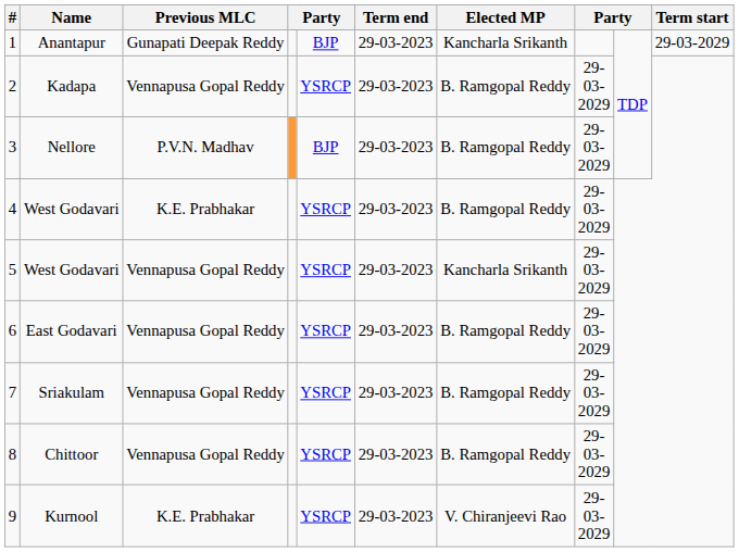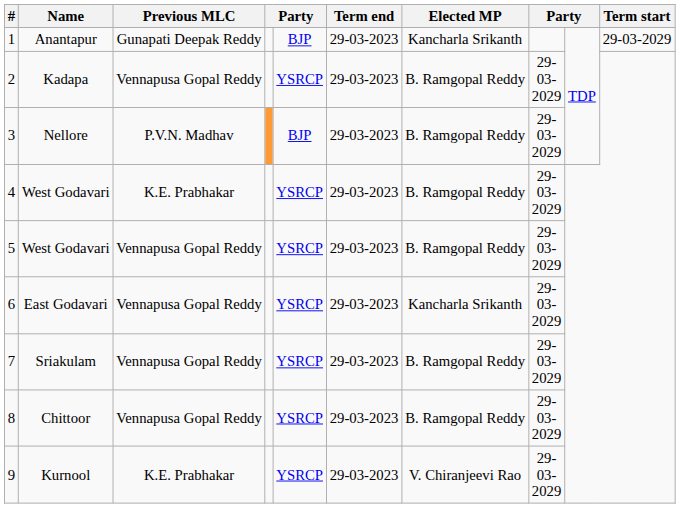 <table class="wikitable" style="text-align:center;">
 <tr>
 <th>#</th>
 <th>Name</th>
 <th>Previous MLC</th>
 <th colspan="2">Party</th>
 <th>Term end</th>
 <th>Elected MP</th>
 <th colspan="2">Party</th>
 <th>Term start</th>
 </tr>
 <tr>
 <td>1</td>
 <td>Anantapur</td>
 <td>Gunapati Deepak Reddy</td>
 <td width="1px"></td>
 <td><a href='#'>BJP</a></td>
 <td>29-03-2023</td>
 <td>Kancharla Srikanth</td>
 <td width="1px"></td>
 <td rowspan=3><a href='#'>TDP</a></td>
 <td>29-03-2029</td>
 </tr>
 <tr>
 <td>2</td>
 <td>Kadapa</td>
 <td>Vennapusa Gopal Reddy</td>
 <td width="1px"></td>
 <td><a href='#'>YSRCP</a></td>
 <td>29-03-2023</td>
 <td>B. Ramgopal Reddy</td>
 <td>29-03-2029</td>
 </tr>
 <tr>
 <td>3</td>
 <td>Nellore</td>
 <td>P.V.N. Madhav</td>
 <td bgcolor=#FF9933></td>
 <td><a href='#'>BJP</a></td>
 <td>29-03-2023</td>
 <td>B. Ramgopal Reddy</td>
 <td>29-03-2029</td>
 </tr>
 <tr>
 <td>4</td>
 <td>West Godavari</td>
 <td>K.E. Prabhakar</td>
 <td width="1px"></td>
 <td><a href='#'>YSRCP</a></td>
 <td>29-03-2023</td>
 <td>B. Ramgopal Reddy</td>
 <td>29-03-2029</td>
 </tr>
 <tr>
 <td>5</td>
 <td>West Godavari</td>
 <td>Vennapusa Gopal Reddy</td>
 <td width="1px"></td>
 <td><a href='#'>YSRCP</a></td>
 <td>29-03-2023</td>
-<td>Kancharla Srikanth</td>
+<td>B. Ramgopal Reddy</td>
 <td>29-03-2029</td>
 </tr>
 <tr>
 <td>6</td>
 <td>East Godavari</td>
 <td>Vennapusa Gopal Reddy</td>
 <td width="1px"></td>
 <td><a href='#'>YSRCP</a></td>
 <td>29-03-2023</td>
-<td>B. Ramgopal Reddy</td>
+<td>Kancharla Srikanth</td>
 <td>29-03-2029</td>
 </tr>
 <tr>
 <td>7</td>
 <td>Sriakulam</td>
 <td>Vennapusa Gopal Reddy</td>
 <td width="1px"></td>
 <td><a href='#'>YSRCP</a></td>
 <td>29-03-2023</td>
 <td>B. Ramgopal Reddy</td>
 <td>29-03-2029</td>
 </tr>
 <tr>
 <td>8</td>
 <td>Chittoor</td>
 <td>Vennapusa Gopal Reddy</td>
 <td width="1px"></td>
 <td><a href='#'>YSRCP</a></td>
 <td>29-03-2023</td>
 <td>B. Ramgopal Reddy</td>
 <td>29-03-2029</td>
 </tr>
 <tr>
 <td>9</td>
 <td>Kurnool</td>
 <td>K.E. Prabhakar</td>
 <td width="1px"></td>
 <td><a href='#'>YSRCP</a></td>
 <td>29-03-2023</td>
 <td>V. Chiranjeevi Rao</td>
 <td>29-03-2029</td>
 </tr>
 </table>
